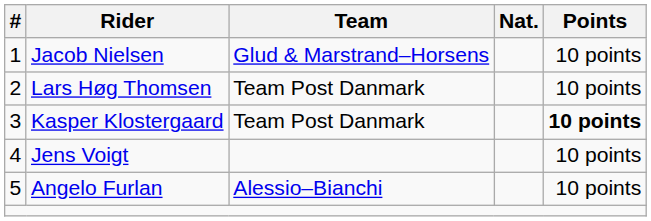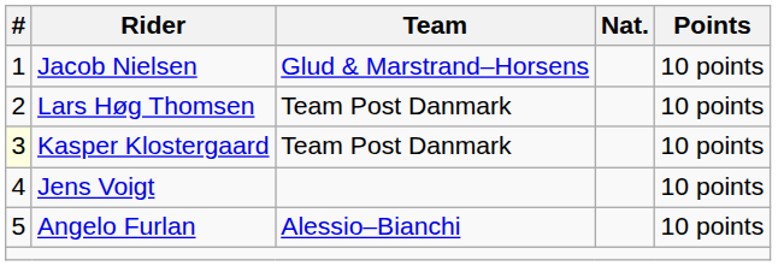 <table class=wikitable>
 <tr>
 <th align=right>#</th>
 <th>Rider</th>
 <th>Team</th>
 <th>Nat.</th>
 <th align=right>Points</th>
 </tr>
 <tr>
 <td align=right>1</td>
 <td><a href='#'>Jacob Nielsen</a></td>
 <td><a href='#'>Glud & Marstrand–Horsens</a></td>
 <td></td>
 <td align=right>10 points</td>
 </tr>
 <tr>
 <td align=right>2</td>
 <td><a href='#'>Lars Høg Thomsen</a></td>
 <td>Team Post Danmark</td>
 <td></td>
 <td align=right>10 points</td>
 </tr>
 <tr>
-<td align=right>3</td>
+<td align=right style="background: lightyellow;">3</td>
 <td><a href='#'>Kasper Klostergaard</a></td>
 <td>Team Post Danmark</td>
 <td></td>
-<td align=right><strong>10 points</strong></td>
+<td align=right>10 points</td>
 </tr>
 <tr>
 <td align=right>4</td>
 <td><a href='#'>Jens Voigt</a></td>
 <td></td>
 <td></td>
 <td align=right>10 points</td>
 </tr>
 <tr>
 <td align=right>5</td>
 <td><a href='#'>Angelo Furlan</a></td>
 <td><a href='#'>Alessio–Bianchi</a></td>
 <td></td>
 <td align=right>10 points</td>
 </tr>
 <tr>
 <td align=right colspan=5></td>
 </tr>
 </table>
